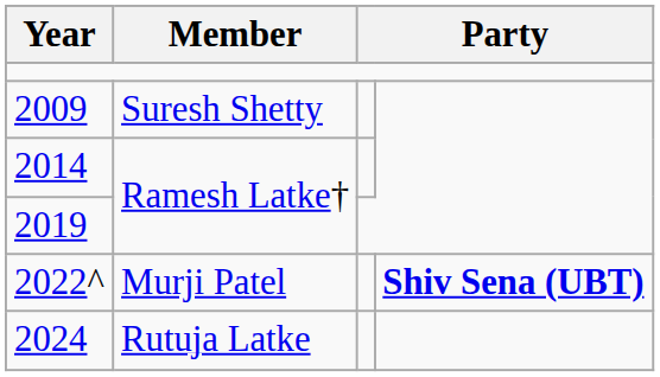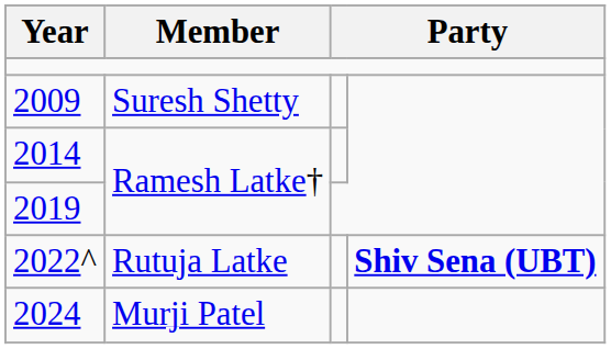 <table class="wikitable">
 <tr>
 <th>Year</th>
 <th>Member</th>
 <th colspan="2">Party</th>
 </tr>
 <tr>
 <td colspan="4"></td>
 </tr>
 <tr>
 <td><a href='#'>2009</a></td>
 <td><a href='#'>Suresh Shetty</a></td>
 <td></td>
 </tr>
 <tr>
 <td><a href='#'>2014</a></td>
 <td rowspan="2"><a href='#'>Ramesh Latke</a>†</td>
 <td></td>
 </tr>
 <tr>
 <td><a href='#'>2019</a></td>
 </tr>
 <tr>
 <td><a href='#'>2022</a>^</td>
-<td><a href='#'>Murji Patel</a></td>
+<td><a href='#'>Rutuja Latke</a></td>
 <td style="background-color: "></td>
 <td><strong><a href='#'>Shiv Sena (UBT)</a></strong></td>
 </tr>
 <tr>
 <td><a href='#'>2024</a></td>
-<td><a href='#'>Rutuja Latke</a></td>
+<td><a href='#'>Murji Patel</a></td>
 <td></td>
 </tr>
 </table>
